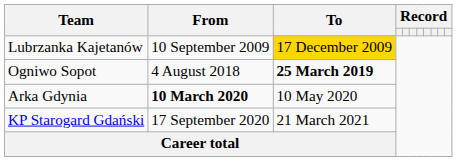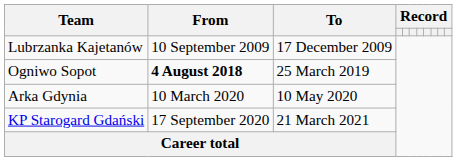 <table class="wikitable" style="text-align: center">
 <tr>
 <th rowspan="2">Team</th>
 <th rowspan="2">From</th>
 <th rowspan="2">To</th>
 <th colspan="8">Record</th>
 </tr>
 <tr>
 <th></th>
 <th></th>
 <th></th>
 <th></th>
 <th></th>
 <th></th>
 <th></th>
 <th></th>
 </tr>
 <tr>
 <td align=left>Lubrzanka Kajetanów</td>
 <td align=left>10 September 2009</td>
-<td align=left style="background: gold;">17 December 2009<br></td>
+<td align=left>17 December 2009<br></td>
 </tr>
 <tr>
 <td align=left>Ogniwo Sopot</td>
-<td align=left>4 August 2018</td>
-<td align=left><strong>25 March 2019<br></strong></td>
+<td align=left><strong>4 August 2018</strong></td>
+<td align=left>25 March 2019<br></td>
 </tr>
 <tr>
 <td align=left>Arka Gdynia</td>
-<td align=left><strong>10 March 2020</strong></td>
+<td align=left>10 March 2020</td>
 <td align=left>10 May 2020<br></td>
 </tr>
 <tr>
 <td align=left><a href='#'>KP Starogard Gdański</a></td>
 <td align=left>17 September 2020</td>
 <td align=left>21 March 2021<br></td>
 </tr>
 <tr>
 <th colspan="3">Career total<br></th>
 </tr>
 </table>
